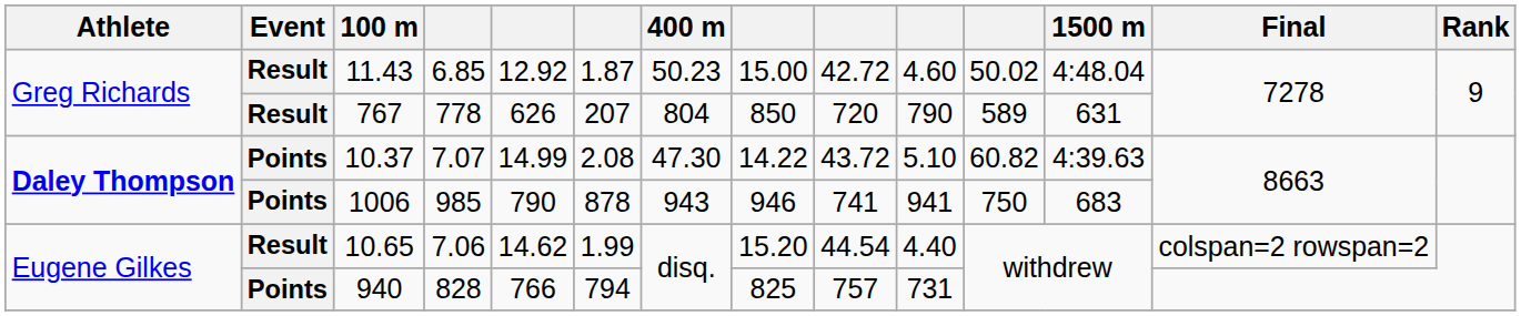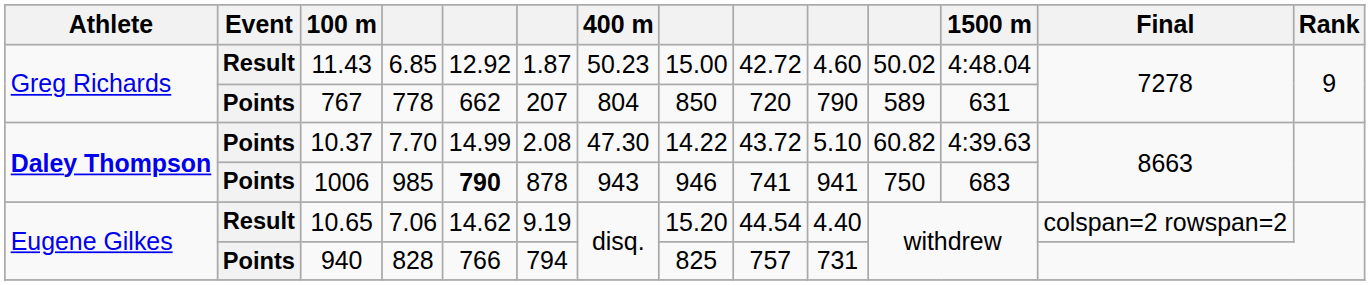 <table class=wikitable style=font-size:90%;text-align:center>
 <tr>
 <th>Athlete</th>
 <th>Event</th>
 <th>100 m</th>
 <th></th>
 <th></th>
 <th></th>
 <th>400 m</th>
 <th></th>
 <th></th>
 <th></th>
 <th></th>
 <th>1500 m</th>
 <th>Final</th>
 <th>Rank</th>
 </tr>
 <tr align=center>
 <td align=left rowspan=2><a href='#'>Greg Richards</a></td>
 <th style="font-size:95%">Result</th>
 <td>11.43</td>
 <td>6.85</td>
 <td>12.92</td>
 <td>1.87</td>
 <td>50.23</td>
 <td>15.00</td>
 <td>42.72</td>
 <td>4.60</td>
 <td>50.02</td>
 <td>4:48.04</td>
 <td rowspan=2>7278</td>
 <td rowspan=2>9</td>
 </tr>
 <tr>
-<th style="font-size:95%">Result</th>
+<th style=font-size:95%>Points</th>
 <td>767</td>
 <td>778</td>
-<td>626</td>
+<td>662</td>
 <td>207</td>
 <td>804</td>
 <td>850</td>
 <td>720</td>
 <td>790</td>
 <td>589</td>
 <td>631</td>
 </tr>
 <tr align=center>
 <td align=left rowspan=2><strong><a href='#'>Daley Thompson</a></strong></td>
 <th style=font-size:95%>Points</th>
 <td>10.37</td>
-<td>7.07</td>
+<td>7.70</td>
 <td>14.99</td>
 <td>2.08</td>
 <td>47.30</td>
 <td>14.22</td>
 <td>43.72</td>
 <td>5.10</td>
 <td>60.82</td>
 <td>4:39.63</td>
 <td rowspan=2>8663</td>
 <td rowspan=2></td>
 </tr>
 <tr>
 <th style=font-size:95%>Points</th>
 <td>1006</td>
 <td>985</td>
-<td>790</td>
+<td><strong>790</strong></td>
 <td>878</td>
 <td>943</td>
 <td>946</td>
 <td>741</td>
 <td>941</td>
 <td>750</td>
 <td>683</td>
 </tr>
 <tr align=center>
 <td align=left rowspan=2><a href='#'>Eugene Gilkes</a></td>
 <th style="font-size:95%">Result</th>
 <td>10.65</td>
 <td>7.06</td>
 <td>14.62</td>
-<td>1.99</td>
+<td>9.19</td>
 <td rowspan=2>disq.</td>
 <td>15.20</td>
 <td>44.54</td>
 <td>4.40</td>
 <td colspan=2 rowspan=2>withdrew</td>
 <td>colspan=2 rowspan=2 </td>
 </tr>
 <tr>
 <th style=font-size:95%>Points</th>
 <td>940</td>
 <td>828</td>
 <td>766</td>
 <td>794</td>
 <td>825</td>
 <td>757</td>
 <td>731</td>
 </tr>
 </table>
